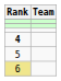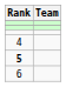 <table class="wikitable" border="1">
 <tr>
 <th>Rank</th>
 <th>Team</th>
 </tr>
 <tr>
 </tr>
 <tr bgcolor=#ccffcc>
 <td align=center></td>
 <td></td>
 </tr>
 <tr>
 </tr>
 <tr bgcolor=#ccffcc>
 <td align=center></td>
 <td></td>
 </tr>
 <tr>
 <td align=center></td>
 <td></td>
 </tr>
 <tr>
-<td align=center><strong>4</strong></td>
+<td align=center>4</td>
 <td></td>
 </tr>
 <tr>
-<td align=center>5</td>
+<td align=center><strong>5</strong></td>
 <td></td>
 </tr>
 <tr>
-<td align=center style="background: khaki;">6</td>
+<td align=center>6</td>
 <td></td>
 </tr>
 </table>
